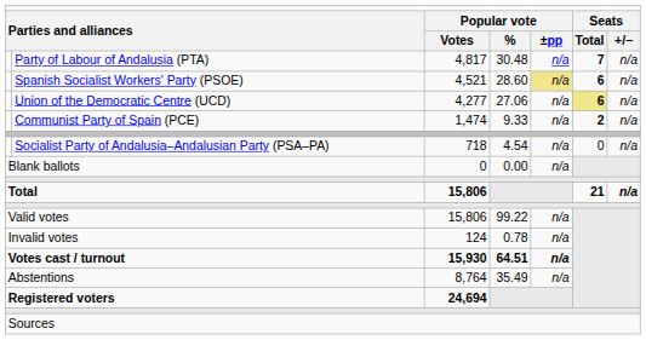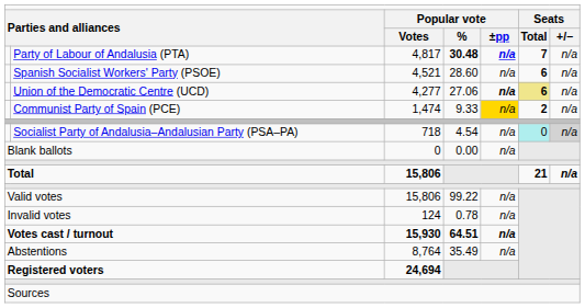 <table class="wikitable" style="text-align:right;">
 <tr>
 <td colspan="7"></td>
 </tr>
 <tr>
 <th style="text-align:left;" rowspan="2" colspan="2" width="525">Parties and alliances</th>
 <th colspan="3">Popular vote</th>
 <th colspan="2">Seats</th>
 </tr>
 <tr>
 <th width="75">Votes</th>
 <th width="45">%</th>
 <th width="45">±<a href='#'>pp</a></th>
 <th width="35">Total</th>
 <th width="35">+/−</th>
 </tr>
 <tr>
 <td width="1" style="color:inherit;background:"></td>
 <td align="left"><a href='#'>Party of Labour of Andalusia</a> (PTA)</td>
 <td>4,817</td>
-<td>30.48</td>
-<td><em><a href='#'>n/a</a></em></td>
+<td><strong>30.48</strong></td>
+<td><strong><em><a href='#'>n/a</a></em></strong></td>
 <td><strong>7</strong></td>
 <td><em>n/a</em></td>
 </tr>
 <tr>
 <td style="color:inherit;background:"></td>
 <td align="left"><a href='#'>Spanish Socialist Workers' Party</a> (PSOE)</td>
 <td>4,521</td>
 <td>28.60</td>
-<td style="background: khaki;"><em>n/a</em></td>
+<td><em>n/a</em></td>
 <td><strong>6</strong></td>
 <td><em>n/a</em></td>
 </tr>
 <tr>
 <td style="color:inherit;background:"></td>
 <td align="left"><a href='#'>Union of the Democratic Centre</a> (UCD)</td>
 <td>4,277</td>
 <td>27.06</td>
-<td><em>n/a</em></td>
+<td><strong><em>n/a</em></strong></td>
 <td style="background: khaki;"><strong>6</strong></td>
 <td><em>n/a</em></td>
 </tr>
 <tr>
 <td style="color:inherit;background:"></td>
 <td align="left"><a href='#'>Communist Party of Spain</a> (PCE)</td>
 <td>1,474</td>
 <td>9.33</td>
-<td><em>n/a</em></td>
+<td style="background: gold;"><em>n/a</em></td>
 <td><strong>2</strong></td>
 <td><em>n/a</em></td>
 </tr>
 <tr>
 <td colspan="7" bgcolor="#C0C0C0"></td>
 </tr>
 <tr>
 <td style="color:inherit;background:"></td>
 <td align="left"><a href='#'>Socialist Party of Andalusia–Andalusian Party</a> (PSA–PA)</td>
 <td>718</td>
 <td>4.54</td>
 <td><em>n/a</em></td>
-<td>0</td>
-<td><em>n/a</em></td>
+<td style="background: paleturquoise;">0</td>
+<td style="background: lightgrey;"><em>n/a</em></td>
 </tr>
 <tr>
 <td align="left" colspan="2">Blank ballots</td>
 <td>0</td>
 <td>0.00</td>
 <td><em>n/a</em></td>
 <td bgcolor="#E9E9E9" colspan="2"></td>
 </tr>
 <tr>
 <td colspan="7" bgcolor="#E9E9E9"></td>
 </tr>
 <tr style="font-weight:bold;">
 <td align="left" colspan="2">Total</td>
 <td>15,806</td>
 <td bgcolor="#E9E9E9" colspan="2"></td>
 <td>21</td>
 <td><em>n/a</em></td>
 </tr>
 <tr>
 <td colspan="7" bgcolor="#E9E9E9"></td>
 </tr>
 <tr>
 <td align="left" colspan="2">Valid votes</td>
 <td>15,806</td>
 <td>99.22</td>
 <td><em>n/a</em></td>
 <td bgcolor="#E9E9E9" colspan="2" rowspan="5"></td>
 </tr>
 <tr>
 <td align="left" colspan="2">Invalid votes</td>
 <td>124</td>
 <td>0.78</td>
 <td><em>n/a</em></td>
 </tr>
 <tr style="font-weight:bold;">
 <td align="left" colspan="2">Votes cast / turnout</td>
 <td>15,930</td>
 <td>64.51</td>
 <td><em>n/a</em></td>
 </tr>
 <tr>
 <td align="left" colspan="2">Abstentions</td>
 <td>8,764</td>
 <td>35.49</td>
 <td><em>n/a</em></td>
 </tr>
 <tr style="font-weight:bold;">
 <td align="left" colspan="2">Registered voters</td>
 <td>24,694</td>
 <td bgcolor="#E9E9E9" colspan="2"></td>
 </tr>
 <tr>
 <td colspan="7" bgcolor="#E9E9E9"></td>
 </tr>
 <tr>
 <td align="left" colspan="7">Sources</td>
 </tr>
 </table>
